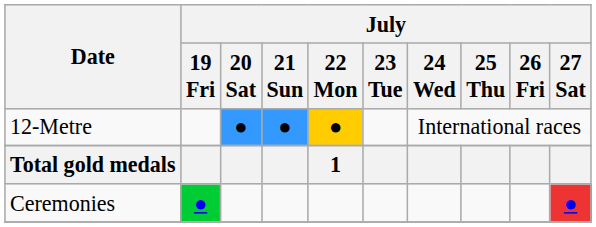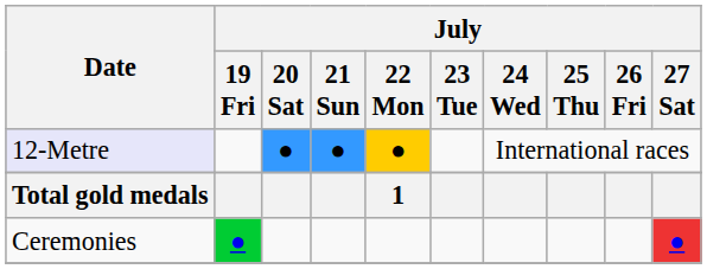 <table class="wikitable" style="margin:0.5em auto; font-size:90%; line-height:1.25em;">
 <tr>
 <th rowspan=2>Date</th>
 <th colspan=9>July</th>
 </tr>
 <tr>
 <th>19<br>Fri</th>
 <th>20<br>Sat</th>
 <th>21<br>Sun</th>
 <th>22<br>Mon</th>
 <th>23<br>Tue</th>
 <th>24<br>Wed</th>
 <th>25<br>Thu</th>
 <th>26<br>Fri</th>
 <th>27<br>Sat</th>
 </tr>
 <tr align="center">
-<td align="left">12-Metre</td>
+<td align="left" style="background: lavender;">12-Metre</td>
 <td></td>
 <td bgcolor=#3399ff><span>●</span></td>
 <td bgcolor=#3399ff><span>●</span></td>
 <td bgcolor=#ffcc00><span>●</span></td>
 <td></td>
 <td colspan=9>International races</td>
 </tr>
 <tr align="center">
 </tr>
 <tr>
 <th>Total gold medals</th>
 <th></th>
 <th></th>
 <th></th>
 <th>1</th>
 <th></th>
 <th></th>
 <th></th>
 <th></th>
 <th></th>
 </tr>
 <tr>
 <td>Ceremonies</td>
 <td bgcolor=#00cc33 align=center><a href='#'>●</a></td>
 <td></td>
 <td></td>
 <td></td>
 <td></td>
 <td></td>
 <td></td>
 <td></td>
 <td bgcolor=#ee3333 align=center><a href='#'>●</a></td>
 </tr>
 <tr>
 </tr>
 </table>
